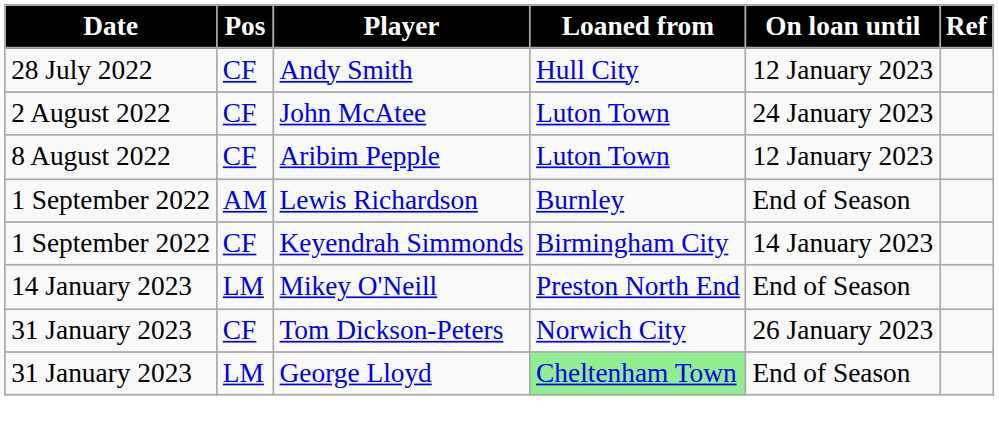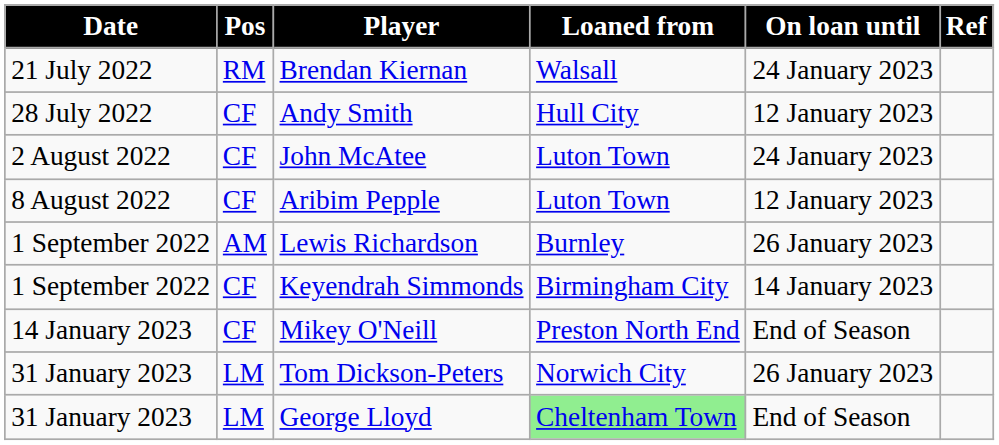 <table class="wikitable plainrowheaders sortable">
 <tr>
 <th style="background:#000000; color:#FFFFFF; ">Date</th>
 <th style="background:#000000; color:#FFFFff; ">Pos</th>
 <th style="background:#000000; color:#FFFFff; ">Player</th>
 <th style="background:#000000; color:#FFFFff; ">Loaned from</th>
 <th style="background:#000000; color:#FFFFff; ">On loan until</th>
 <th style="background:#000000; color:#FFFFff; ">Ref</th>
+</tr>
+<tr>
+<td>21 July 2022</td>
+<td><a href='#'>RM</a></td>
+<td> <a href='#'>Brendan Kiernan</a></td>
+<td> <a href='#'>Walsall</a></td>
+<td>24 January 2023</td>
+<td></td>
 </tr>
 <tr>
 <td>28 July 2022</td>
 <td><a href='#'>CF</a></td>
 <td> <a href='#'>Andy Smith</a></td>
 <td> <a href='#'>Hull City</a></td>
 <td>12 January 2023</td>
 <td></td>
 </tr>
 <tr>
 <td>2 August 2022</td>
 <td><a href='#'>CF</a></td>
 <td> <a href='#'>John McAtee</a></td>
 <td> <a href='#'>Luton Town</a></td>
 <td>24 January 2023</td>
 <td></td>
 </tr>
 <tr>
 <td>8 August 2022</td>
 <td><a href='#'>CF</a></td>
 <td> <a href='#'>Aribim Pepple</a></td>
 <td> <a href='#'>Luton Town</a></td>
 <td>12 January 2023</td>
 <td></td>
 </tr>
 <tr>
 <td>1 September 2022</td>
 <td><a href='#'>AM</a></td>
 <td> <a href='#'>Lewis Richardson</a></td>
 <td> <a href='#'>Burnley</a></td>
-<td>End of Season</td>
+<td>26 January 2023</td>
 <td></td>
 </tr>
 <tr>
 <td>1 September 2022</td>
 <td><a href='#'>CF</a></td>
 <td> <a href='#'>Keyendrah Simmonds</a></td>
 <td> <a href='#'>Birmingham City</a></td>
 <td>14 January 2023</td>
 <td></td>
 </tr>
 <tr>
 <td>14 January 2023</td>
-<td><a href='#'>LM</a></td>
+<td><a href='#'>CF</a></td>
 <td> <a href='#'>Mikey O'Neill</a></td>
 <td> <a href='#'>Preston North End</a></td>
 <td>End of Season</td>
 <td></td>
 </tr>
 <tr>
 <td>31 January 2023</td>
-<td><a href='#'>CF</a></td>
+<td><a href='#'>LM</a></td>
 <td> <a href='#'>Tom Dickson-Peters</a></td>
 <td> <a href='#'>Norwich City</a></td>
 <td>26 January 2023</td>
 <td></td>
 </tr>
 <tr>
 <td>31 January 2023</td>
 <td><a href='#'>LM</a></td>
 <td> <a href='#'>George Lloyd</a></td>
 <td style="background: lightgreen;"> <a href='#'>Cheltenham Town</a></td>
 <td>End of Season</td>
 <td></td>
 </tr>
 </table>
